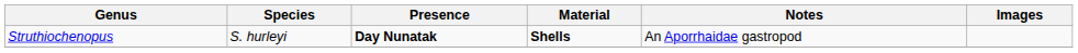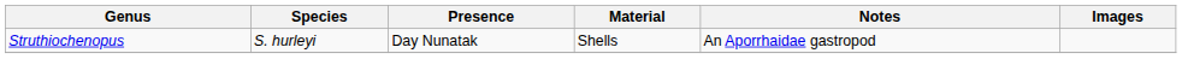 <table class="wikitable sortable"  style="margin:auto; width:100%;">
 <tr>
 <th>Genus</th>
 <th>Species</th>
 <th>Presence</th>
 <th>Material</th>
 <th>Notes</th>
 <th>Images</th>
 </tr>
 <tr>
 <td><a href='#'><em>Struthiochenopus</em></a></td>
 <td><em>S. hurleyi</em></td>
-<td><strong>Day Nunatak</strong></td>
-<td><strong>Shells</strong></td>
+<td>Day Nunatak</td>
+<td>Shells</td>
 <td>An <a href='#'>Aporrhaidae</a> gastropod</td>
 <td></td>
 </tr>
 <tr>
 </tr>
 </table>
